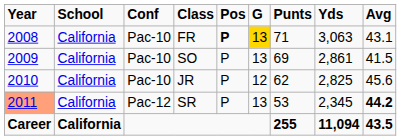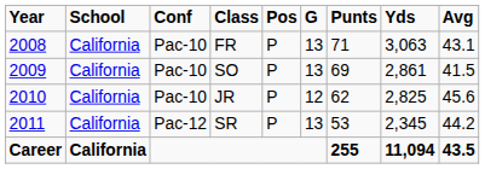 <table class="wikitable">
 <tr>
 <td style="font-weight:bold;">Year</td>
 <td style="font-weight:bold;">School</td>
 <td style="font-weight:bold;">Conf</td>
 <td style="font-weight:bold;">Class</td>
 <td style="font-weight:bold;">Pos</td>
 <td style="font-weight:bold;">G</td>
 <td style="font-weight:bold;">Punts</td>
 <td style="font-weight:bold;">Yds</td>
 <td style="font-weight:bold;">Avg</td>
 </tr>
 <tr>
 <td><a href='#'>2008</a></td>
 <td><a href='#'>California</a></td>
 <td>Pac-10</td>
 <td>FR</td>
-<td><strong>P</strong></td>
-<td style="background: gold;">13</td>
+<td>P</td>
+<td>13</td>
 <td>71</td>
 <td>3,063</td>
 <td>43.1</td>
 </tr>
 <tr>
 <td><a href='#'>2009</a></td>
 <td><a href='#'>California</a></td>
 <td>Pac-10</td>
 <td>SO</td>
 <td>P</td>
 <td>13</td>
 <td>69</td>
 <td>2,861</td>
 <td>41.5</td>
 </tr>
 <tr>
 <td><a href='#'>2010</a></td>
 <td><a href='#'>California</a></td>
 <td>Pac-10</td>
 <td>JR</td>
 <td>P</td>
 <td>12</td>
 <td>62</td>
 <td>2,825</td>
 <td>45.6</td>
 </tr>
 <tr>
-<td style="background: lightsalmon;"><a href='#'>2011</a></td>
+<td><a href='#'>2011</a></td>
 <td><a href='#'>California</a></td>
 <td>Pac-12</td>
 <td>SR</td>
 <td>P</td>
 <td>13</td>
 <td>53</td>
 <td>2,345</td>
-<td><strong>44.2</strong></td>
+<td>44.2</td>
 </tr>
 <tr>
 <td style="font-weight:bold;">Career</td>
 <td style="font-weight:bold;">California</td>
 <td colspan="4" style="font-weight:bold;"></td>
 <td style="font-weight:bold;">255</td>
 <td style="font-weight:bold;">11,094</td>
 <td style="font-weight:bold;">43.5</td>
 </tr>
 </table>
